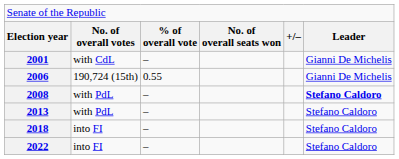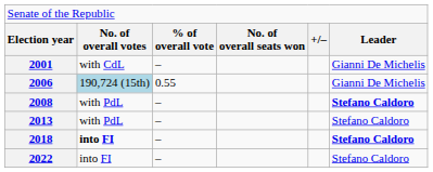 <table class=wikitable>
 <tr>
 <td colspan=6><a href='#'>Senate of the Republic</a></td>
 </tr>
 <tr>
 <th>Election year</th>
 <th>No. of<br>overall votes</th>
 <th>% of<br>overall vote</th>
 <th>No. of<br>overall seats won</th>
 <th>+/–</th>
 <th>Leader</th>
 </tr>
 <tr>
 <th><a href='#'>2001</a></th>
 <td>with <a href='#'>CdL</a></td>
 <td>–</td>
 <td></td>
 <td></td>
 <td><a href='#'>Gianni De Michelis</a></td>
 </tr>
 <tr>
 <th><a href='#'>2006</a></th>
-<td>190,724 (15th)</td>
+<td style="background: lightblue;">190,724 (15th)</td>
 <td>0.55</td>
 <td></td>
 <td></td>
 <td><a href='#'>Gianni De Michelis</a></td>
 </tr>
 <tr>
 <th><a href='#'>2008</a></th>
 <td>with <a href='#'>PdL</a></td>
 <td>–</td>
 <td></td>
 <td></td>
 <td><strong><a href='#'>Stefano Caldoro</a></strong></td>
 </tr>
 <tr>
 <th><a href='#'>2013</a></th>
 <td>with <a href='#'>PdL</a></td>
 <td>–</td>
 <td></td>
 <td></td>
 <td><a href='#'>Stefano Caldoro</a></td>
 </tr>
 <tr>
 <th><a href='#'>2018</a></th>
-<td>into <a href='#'>FI</a></td>
+<td><strong>into <a href='#'>FI</a></strong></td>
 <td>–</td>
 <td></td>
 <td></td>
-<td><a href='#'>Stefano Caldoro</a></td>
+<td><strong><a href='#'>Stefano Caldoro</a></strong></td>
 </tr>
 <tr>
 <th><a href='#'>2022</a></th>
 <td>into <a href='#'>FI</a></td>
 <td>–</td>
 <td></td>
 <td></td>
 <td><a href='#'>Stefano Caldoro</a></td>
 </tr>
 </table>
